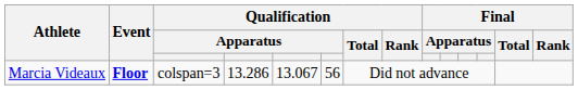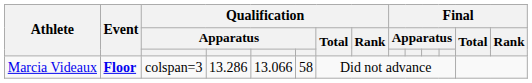 <table class="wikitable" style="font-size:90%">
 <tr>
 <th rowspan=3>Athlete</th>
 <th rowspan=3>Event</th>
 <th colspan=6>Qualification</th>
 <th colspan=6>Final</th>
 </tr>
 <tr style="font-size:95%">
 <th colspan=4>Apparatus</th>
 <th rowspan=2>Total</th>
 <th rowspan=2>Rank</th>
 <th colspan=4>Apparatus</th>
 <th rowspan=2>Total</th>
 <th rowspan=2>Rank</th>
 </tr>
 <tr style="font-size:95%">
 <th></th>
 <th></th>
 <th></th>
 <th></th>
 <th></th>
 <th></th>
 <th></th>
 <th></th>
 </tr>
 <tr align=center>
 <td align=left><a href='#'>Marcia Videaux</a></td>
 <td align=left><strong><a href='#'>Floor</a></strong></td>
 <td>colspan=3 </td>
 <td>13.286</td>
-<td>13.067</td>
-<td>56</td>
+<td>13.066</td>
+<td>58</td>
 <td colspan=6>Did not advance</td>
 </tr>
 </table>
